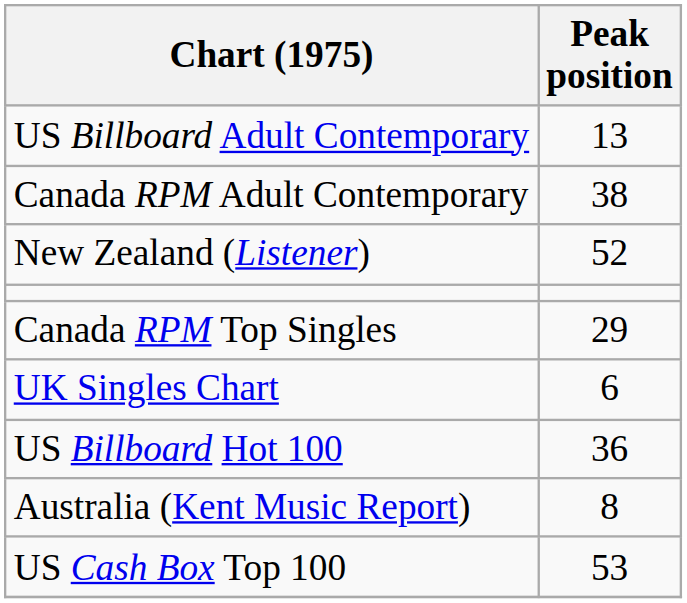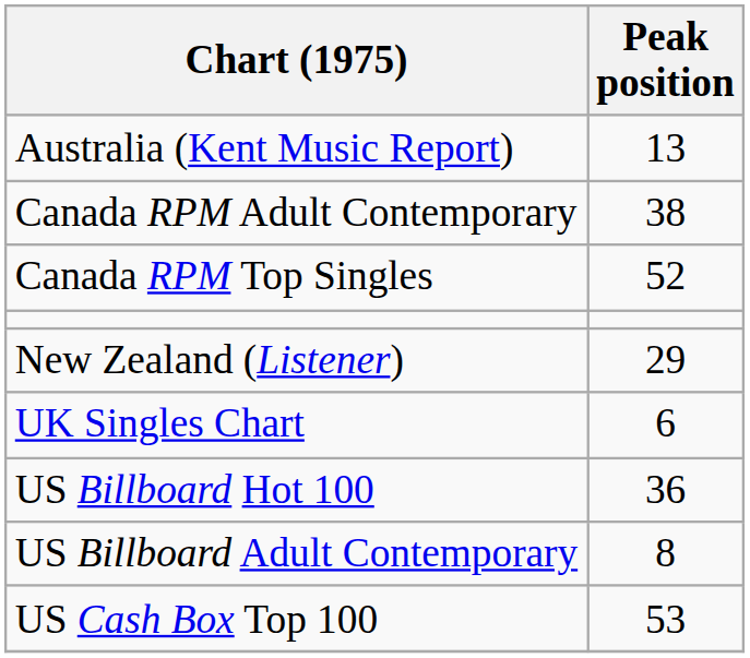 <table class="wikitable sortable">
 <tr>
 <th>Chart (1975)</th>
 <th>Peak<br>position</th>
 </tr>
 <tr>
-<td>US <em>Billboard</em> <a href='#'>Adult Contemporary</a></td>
+<td>Australia (<a href='#'>Kent Music Report</a>)</td>
 <td style="text-align:center;">13</td>
 </tr>
 <tr>
 <td>Canada <em>RPM</em> Adult Contemporary</td>
 <td style="text-align:center;">38</td>
 </tr>
 <tr>
-<td>New Zealand (<em><a href='#'>Listener</a></em>)</td>
+<td>Canada <em><a href='#'>RPM</a></em> Top Singles</td>
 <td style="text-align:center;">52</td>
 </tr>
 <tr>
 <td></td>
 </tr>
 <tr>
-<td>Canada <em><a href='#'>RPM</a></em> Top Singles</td>
+<td>New Zealand (<em><a href='#'>Listener</a></em>)</td>
 <td style="text-align:center;">29</td>
 </tr>
 <tr>
 <td><a href='#'>UK Singles Chart</a></td>
 <td style="text-align:center;">6</td>
 </tr>
 <tr>
 <td>US <em><a href='#'>Billboard</a></em> <a href='#'>Hot 100</a></td>
 <td style="text-align:center;">36</td>
 </tr>
 <tr>
-<td>Australia (<a href='#'>Kent Music Report</a>)</td>
+<td>US <em>Billboard</em> <a href='#'>Adult Contemporary</a></td>
 <td style="text-align:center;">8</td>
 </tr>
 <tr>
 <td>US <a href='#'><em>Cash Box</em></a> Top 100</td>
 <td align="center">53</td>
 </tr>
 <tr>
 </tr>
 </table>
